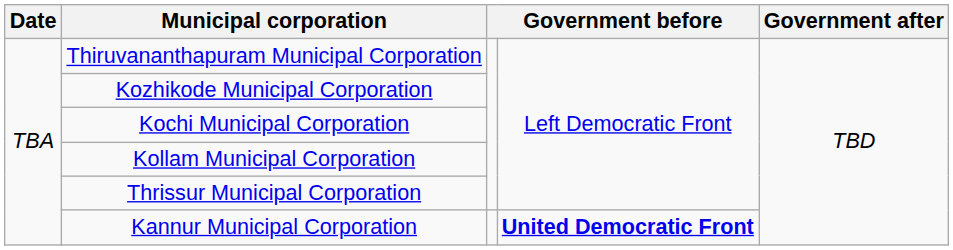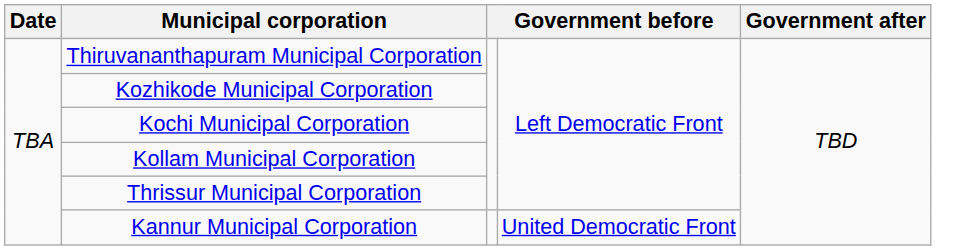 <table class="wikitable sortable"style="text-align:center;">
 <tr>
 <th>Date</th>
 <th>Municipal corporation</th>
 <th colspan="2">Government before</th>
 <th colspan="2">Government after</th>
 </tr>
 <tr>
 <td rowspan=6><em>TBA</em></td>
 <td><a href='#'>Thiruvananthapuram Municipal Corporation</a></td>
 <td rowspan=5></td>
 <td rowspan=5><a href='#'>Left Democratic Front</a></td>
 <td colspan="2" rowspan=6><em>TBD</em></td>
 </tr>
 <tr>
 <td><a href='#'>Kozhikode Municipal Corporation</a></td>
 </tr>
 <tr>
 <td><a href='#'>Kochi Municipal Corporation</a></td>
 </tr>
 <tr>
 <td><a href='#'>Kollam Municipal Corporation</a></td>
 </tr>
 <tr>
 <td><a href='#'>Thrissur Municipal Corporation</a></td>
 </tr>
 <tr>
 <td><a href='#'>Kannur Municipal Corporation</a></td>
 <td></td>
-<td><strong><a href='#'>United Democratic Front</a></strong></td>
+<td><a href='#'>United Democratic Front</a></td>
 </tr>
 </table>
